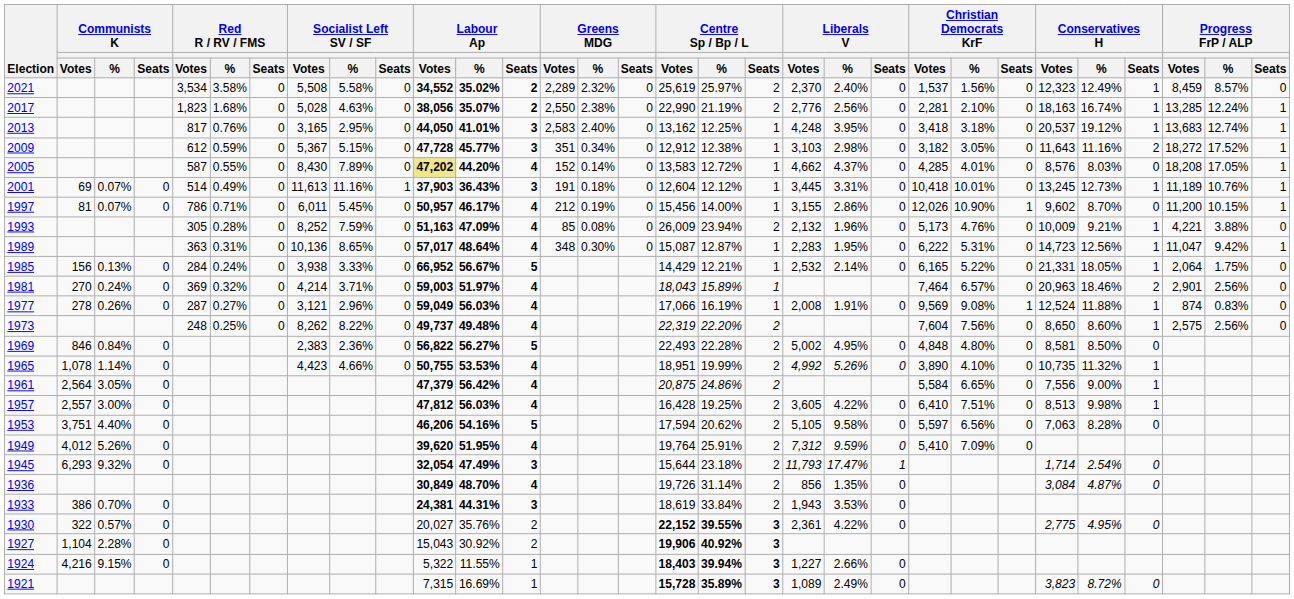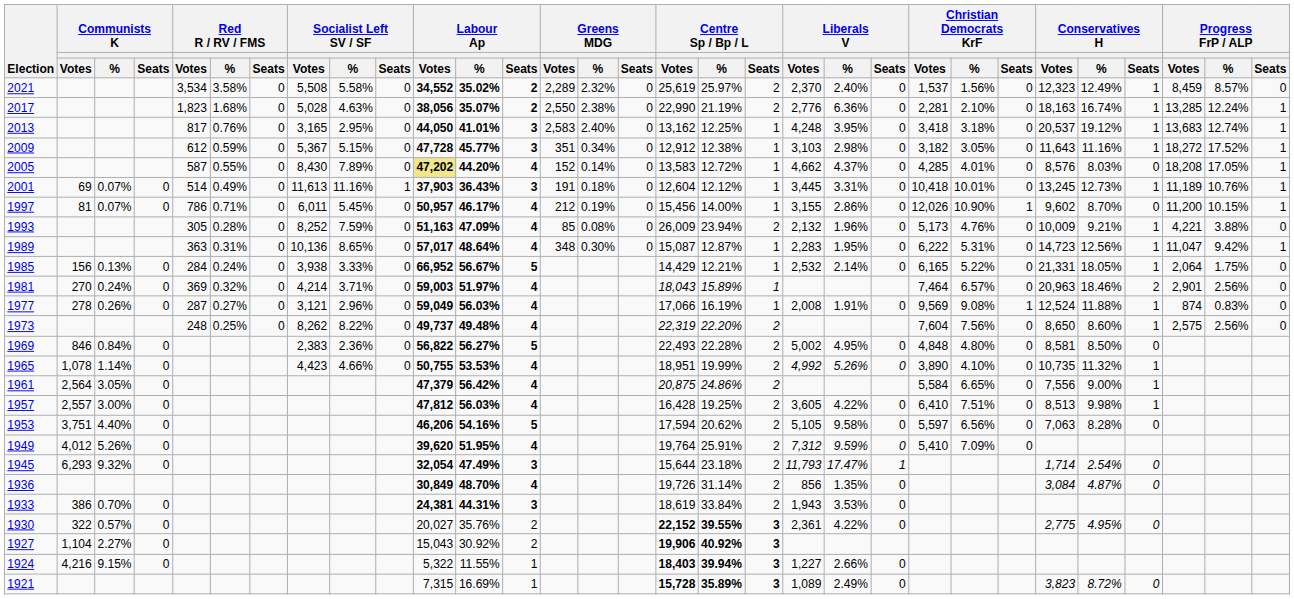 <table class="wikitable" border="1" style="font-size:80%; text-align:right;">
 <tr>
 <th style="text-align:left;" valign=bottom rowspan=3>Election</th>
 <th valign=bottom colspan=3><a href='#'>Communists</a><br>K</th>
 <th valign=bottom colspan=3><a href='#'>Red</a><br>R / RV / FMS</th>
 <th valign=bottom colspan=3><a href='#'>Socialist Left</a><br>SV / SF</th>
 <th valign=bottom colspan=3><a href='#'>Labour</a><br>Ap</th>
 <th valign=bottom colspan=3><a href='#'>Greens</a><br>MDG</th>
 <th valign=bottom colspan=3><a href='#'>Centre</a><br>Sp / Bp / L</th>
 <th valign=bottom colspan=3><a href='#'>Liberals</a><br>V</th>
 <th valign=bottom colspan=3><a href='#'>Christian<br>Democrats</a><br>KrF</th>
 <th valign=bottom colspan=3><a href='#'>Conservatives</a><br>H</th>
 <th valign=bottom colspan=3><a href='#'>Progress</a><br>FrP / ALP</th>
 </tr>
 <tr>
 <th colspan=3 style="background:"></th>
 <th colspan=3 style="background:"></th>
 <th colspan=3 style="background:"></th>
 <th colspan=3 style="background:"></th>
 <th colspan=3 style="background:"></th>
 <th colspan=3 style="background:"></th>
 <th colspan=3 style="background:"></th>
 <th colspan=3 style="background:"></th>
 <th colspan=3 style="background:"></th>
 <th colspan=3 style="background:"></th>
 </tr>
 <tr>
 <th>Votes</th>
 <th>%</th>
 <th>Seats</th>
 <th>Votes</th>
 <th>%</th>
 <th>Seats</th>
 <th>Votes</th>
 <th>%</th>
 <th>Seats</th>
 <th>Votes</th>
 <th>%</th>
 <th>Seats</th>
 <th>Votes</th>
 <th>%</th>
 <th>Seats</th>
 <th>Votes</th>
 <th>%</th>
 <th>Seats</th>
 <th>Votes</th>
 <th>%</th>
 <th>Seats</th>
 <th>Votes</th>
 <th>%</th>
 <th>Seats</th>
 <th>Votes</th>
 <th>%</th>
 <th>Seats</th>
 <th>Votes</th>
 <th>%</th>
 <th>Seats</th>
 </tr>
 <tr>
 <td align=left><a href='#'>2021</a></td>
 <td></td>
 <td></td>
 <td></td>
 <td>3,534</td>
 <td>3.58%</td>
 <td>0</td>
 <td>5,508</td>
 <td>5.58%</td>
 <td>0</td>
 <td><strong>34,552</strong></td>
 <td><strong>35.02%</strong></td>
 <td><strong>2</strong></td>
 <td>2,289</td>
 <td>2.32%</td>
 <td>0</td>
 <td>25,619</td>
 <td>25.97%</td>
 <td>2</td>
 <td>2,370</td>
 <td>2.40%</td>
 <td>0</td>
 <td>1,537</td>
 <td>1.56%</td>
 <td>0</td>
 <td>12,323</td>
 <td>12.49%</td>
 <td>1</td>
 <td>8,459</td>
 <td>8.57%</td>
 <td>0</td>
 </tr>
 <tr>
 <td align=left><a href='#'>2017</a></td>
 <td></td>
 <td></td>
 <td></td>
 <td>1,823</td>
 <td>1.68%</td>
 <td>0</td>
 <td>5,028</td>
 <td>4.63%</td>
 <td>0</td>
 <td><strong>38,056</strong></td>
 <td><strong>35.07%</strong></td>
 <td><strong>2</strong></td>
 <td>2,550</td>
 <td>2.38%</td>
 <td>0</td>
 <td>22,990</td>
 <td>21.19%</td>
 <td>2</td>
 <td>2,776</td>
-<td>2.56%</td>
+<td>6.36%</td>
 <td>0</td>
 <td>2,281</td>
 <td>2.10%</td>
 <td>0</td>
 <td>18,163</td>
 <td>16.74%</td>
 <td>1</td>
 <td>13,285</td>
 <td>12.24%</td>
 <td>1</td>
 </tr>
 <tr>
 <td align=left><a href='#'>2013</a></td>
 <td></td>
 <td></td>
 <td></td>
 <td>817</td>
 <td>0.76%</td>
 <td>0</td>
 <td>3,165</td>
 <td>2.95%</td>
 <td>0</td>
 <td><strong>44,050</strong></td>
 <td><strong>41.01%</strong></td>
 <td><strong>3</strong></td>
 <td>2,583</td>
 <td>2.40%</td>
 <td>0</td>
 <td>13,162</td>
 <td>12.25%</td>
 <td>1</td>
 <td>4,248</td>
 <td>3.95%</td>
 <td>0</td>
 <td>3,418</td>
 <td>3.18%</td>
 <td>0</td>
 <td>20,537</td>
 <td>19.12%</td>
 <td>1</td>
 <td>13,683</td>
 <td>12.74%</td>
 <td>1</td>
 </tr>
 <tr>
 <td align=left><a href='#'>2009</a></td>
 <td></td>
 <td></td>
 <td></td>
 <td>612</td>
 <td>0.59%</td>
 <td>0</td>
 <td>5,367</td>
 <td>5.15%</td>
 <td>0</td>
 <td><strong>47,728</strong></td>
 <td><strong>45.77%</strong></td>
 <td><strong>3</strong></td>
 <td>351</td>
 <td>0.34%</td>
 <td>0</td>
 <td>12,912</td>
 <td>12.38%</td>
 <td>1</td>
 <td>3,103</td>
 <td>2.98%</td>
 <td>0</td>
 <td>3,182</td>
 <td>3.05%</td>
 <td>0</td>
 <td>11,643</td>
 <td>11.16%</td>
-<td>2</td>
+<td>1</td>
 <td>18,272</td>
 <td>17.52%</td>
 <td>1</td>
 </tr>
 <tr>
 <td align=left><a href='#'>2005</a></td>
 <td></td>
 <td></td>
 <td></td>
 <td>587</td>
 <td>0.55%</td>
 <td>0</td>
 <td>8,430</td>
 <td>7.89%</td>
 <td>0</td>
 <td style="background: khaki;"><strong>47,202</strong></td>
 <td><strong>44.20%</strong></td>
 <td><strong>4</strong></td>
 <td>152</td>
 <td>0.14%</td>
 <td>0</td>
 <td>13,583</td>
 <td>12.72%</td>
 <td>1</td>
 <td>4,662</td>
 <td>4.37%</td>
 <td>0</td>
 <td>4,285</td>
 <td>4.01%</td>
 <td>0</td>
 <td>8,576</td>
 <td>8.03%</td>
 <td>0</td>
 <td>18,208</td>
 <td>17.05%</td>
 <td>1</td>
 </tr>
 <tr>
 <td align=left><a href='#'>2001</a></td>
 <td>69</td>
 <td>0.07%</td>
 <td>0</td>
 <td>514</td>
 <td>0.49%</td>
 <td>0</td>
 <td>11,613</td>
 <td>11.16%</td>
 <td>1</td>
 <td><strong>37,903</strong></td>
 <td><strong>36.43%</strong></td>
 <td><strong>3</strong></td>
 <td>191</td>
 <td>0.18%</td>
 <td>0</td>
 <td>12,604</td>
 <td>12.12%</td>
 <td>1</td>
 <td>3,445</td>
 <td>3.31%</td>
 <td>0</td>
 <td>10,418</td>
 <td>10.01%</td>
 <td>0</td>
 <td>13,245</td>
 <td>12.73%</td>
 <td>1</td>
 <td>11,189</td>
 <td>10.76%</td>
 <td>1</td>
 </tr>
 <tr>
 <td align=left><a href='#'>1997</a></td>
 <td>81</td>
 <td>0.07%</td>
 <td>0</td>
 <td>786</td>
 <td>0.71%</td>
 <td>0</td>
 <td>6,011</td>
 <td>5.45%</td>
 <td>0</td>
 <td><strong>50,957</strong></td>
 <td><strong>46.17%</strong></td>
 <td><strong>4</strong></td>
 <td>212</td>
 <td>0.19%</td>
 <td>0</td>
 <td>15,456</td>
 <td>14.00%</td>
 <td>1</td>
 <td>3,155</td>
 <td>2.86%</td>
 <td>0</td>
 <td>12,026</td>
 <td>10.90%</td>
 <td>1</td>
 <td>9,602</td>
 <td>8.70%</td>
 <td>0</td>
 <td>11,200</td>
 <td>10.15%</td>
 <td>1</td>
 </tr>
 <tr>
 <td align=left><a href='#'>1993</a></td>
 <td></td>
 <td></td>
 <td></td>
 <td>305</td>
 <td>0.28%</td>
 <td>0</td>
 <td>8,252</td>
 <td>7.59%</td>
 <td>0</td>
 <td><strong>51,163</strong></td>
 <td><strong>47.09%</strong></td>
 <td><strong>4</strong></td>
 <td>85</td>
 <td>0.08%</td>
 <td>0</td>
 <td>26,009</td>
 <td>23.94%</td>
 <td>2</td>
 <td>2,132</td>
 <td>1.96%</td>
 <td>0</td>
 <td>5,173</td>
 <td>4.76%</td>
 <td>0</td>
 <td>10,009</td>
 <td>9.21%</td>
 <td>1</td>
 <td>4,221</td>
 <td>3.88%</td>
 <td>0</td>
 </tr>
 <tr>
 <td align=left><a href='#'>1989</a></td>
 <td></td>
 <td></td>
 <td></td>
 <td>363</td>
 <td>0.31%</td>
 <td>0</td>
 <td>10,136</td>
 <td>8.65%</td>
 <td>0</td>
 <td><strong>57,017</strong></td>
 <td><strong>48.64%</strong></td>
 <td><strong>4</strong></td>
 <td>348</td>
 <td>0.30%</td>
 <td>0</td>
 <td>15,087</td>
 <td>12.87%</td>
 <td>1</td>
 <td>2,283</td>
 <td>1.95%</td>
 <td>0</td>
 <td>6,222</td>
 <td>5.31%</td>
 <td>0</td>
 <td>14,723</td>
 <td>12.56%</td>
 <td>1</td>
 <td>11,047</td>
 <td>9.42%</td>
 <td>1</td>
 </tr>
 <tr>
 <td align=left><a href='#'>1985</a></td>
 <td>156</td>
 <td>0.13%</td>
 <td>0</td>
 <td>284</td>
 <td>0.24%</td>
 <td>0</td>
 <td>3,938</td>
 <td>3.33%</td>
 <td>0</td>
 <td><strong>66,952</strong></td>
 <td><strong>56.67%</strong></td>
 <td><strong>5</strong></td>
 <td></td>
 <td></td>
 <td></td>
 <td>14,429</td>
 <td>12.21%</td>
 <td>1</td>
 <td>2,532</td>
 <td>2.14%</td>
 <td>0</td>
 <td>6,165</td>
 <td>5.22%</td>
 <td>0</td>
 <td>21,331</td>
 <td>18.05%</td>
 <td>1</td>
 <td>2,064</td>
 <td>1.75%</td>
 <td>0</td>
 </tr>
 <tr>
 <td align=left><a href='#'>1981</a></td>
 <td>270</td>
 <td>0.24%</td>
 <td>0</td>
 <td>369</td>
 <td>0.32%</td>
 <td>0</td>
 <td>4,214</td>
 <td>3.71%</td>
 <td>0</td>
 <td><strong>59,003</strong></td>
 <td><strong>51.97%</strong></td>
 <td><strong>4</strong></td>
 <td></td>
 <td></td>
 <td></td>
 <td><em>18,043</em></td>
 <td><em>15.89%</em></td>
 <td><em>1</em></td>
 <td></td>
 <td></td>
 <td></td>
 <td>7,464</td>
 <td>6.57%</td>
 <td>0</td>
 <td>20,963</td>
 <td>18.46%</td>
 <td>2</td>
 <td>2,901</td>
 <td>2.56%</td>
 <td>0</td>
 </tr>
 <tr>
 <td align=left><a href='#'>1977</a></td>
 <td>278</td>
 <td>0.26%</td>
 <td>0</td>
 <td>287</td>
 <td>0.27%</td>
 <td>0</td>
 <td>3,121</td>
 <td>2.96%</td>
 <td>0</td>
 <td><strong>59,049</strong></td>
 <td><strong>56.03%</strong></td>
 <td><strong>4</strong></td>
 <td></td>
 <td></td>
 <td></td>
 <td>17,066</td>
 <td>16.19%</td>
 <td>1</td>
 <td>2,008</td>
 <td>1.91%</td>
 <td>0</td>
 <td>9,569</td>
 <td>9.08%</td>
 <td>1</td>
 <td>12,524</td>
 <td>11.88%</td>
 <td>1</td>
 <td>874</td>
 <td>0.83%</td>
 <td>0</td>
 </tr>
 <tr>
 <td align=left><a href='#'>1973</a></td>
 <td></td>
 <td></td>
 <td></td>
 <td>248</td>
 <td>0.25%</td>
 <td>0</td>
 <td>8,262</td>
 <td>8.22%</td>
 <td>0</td>
 <td><strong>49,737</strong></td>
 <td><strong>49.48%</strong></td>
 <td><strong>4</strong></td>
 <td></td>
 <td></td>
 <td></td>
 <td><em>22,319</em></td>
 <td><em>22.20%</em></td>
 <td><em>2</em></td>
 <td></td>
 <td></td>
 <td></td>
 <td>7,604</td>
 <td>7.56%</td>
 <td>0</td>
 <td>8,650</td>
 <td>8.60%</td>
 <td>1</td>
 <td>2,575</td>
 <td>2.56%</td>
 <td>0</td>
 </tr>
 <tr>
 <td align=left><a href='#'>1969</a></td>
 <td>846</td>
 <td>0.84%</td>
 <td>0</td>
 <td></td>
 <td></td>
 <td></td>
 <td>2,383</td>
 <td>2.36%</td>
 <td>0</td>
 <td><strong>56,822</strong></td>
 <td><strong>56.27%</strong></td>
 <td><strong>5</strong></td>
 <td></td>
 <td></td>
 <td></td>
 <td>22,493</td>
 <td>22.28%</td>
 <td>2</td>
 <td>5,002</td>
 <td>4.95%</td>
 <td>0</td>
 <td>4,848</td>
 <td>4.80%</td>
 <td>0</td>
 <td>8,581</td>
 <td>8.50%</td>
 <td>0</td>
 <td></td>
 <td></td>
 <td></td>
 </tr>
 <tr>
 <td align=left><a href='#'>1965</a></td>
 <td>1,078</td>
 <td>1.14%</td>
 <td>0</td>
 <td></td>
 <td></td>
 <td></td>
 <td>4,423</td>
 <td>4.66%</td>
 <td>0</td>
 <td><strong>50,755</strong></td>
 <td><strong>53.53%</strong></td>
 <td><strong>4</strong></td>
 <td></td>
 <td></td>
 <td></td>
 <td>18,951</td>
 <td>19.99%</td>
 <td>2</td>
 <td><em>4,992</em></td>
 <td><em>5.26%</em></td>
 <td><em>0</em></td>
 <td>3,890</td>
 <td>4.10%</td>
 <td>0</td>
 <td>10,735</td>
 <td>11.32%</td>
 <td>1</td>
 <td></td>
 <td></td>
 <td></td>
 </tr>
 <tr>
 <td align=left><a href='#'>1961</a></td>
 <td>2,564</td>
 <td>3.05%</td>
 <td>0</td>
 <td></td>
 <td></td>
 <td></td>
 <td></td>
 <td></td>
 <td></td>
 <td><strong>47,379</strong></td>
 <td><strong>56.42%</strong></td>
 <td><strong>4</strong></td>
 <td></td>
 <td></td>
 <td></td>
 <td><em>20,875</em></td>
 <td><em>24.86%</em></td>
 <td><em>2</em></td>
 <td></td>
 <td></td>
 <td></td>
 <td>5,584</td>
 <td>6.65%</td>
 <td>0</td>
 <td>7,556</td>
 <td>9.00%</td>
 <td>1</td>
 <td></td>
 <td></td>
 <td></td>
 </tr>
 <tr>
 <td align=left><a href='#'>1957</a></td>
 <td>2,557</td>
 <td>3.00%</td>
 <td>0</td>
 <td></td>
 <td></td>
 <td></td>
 <td></td>
 <td></td>
 <td></td>
 <td><strong>47,812</strong></td>
 <td><strong>56.03%</strong></td>
 <td><strong>4</strong></td>
 <td></td>
 <td></td>
 <td></td>
 <td>16,428</td>
 <td>19.25%</td>
 <td>2</td>
 <td>3,605</td>
 <td>4.22%</td>
 <td>0</td>
 <td>6,410</td>
 <td>7.51%</td>
 <td>0</td>
 <td>8,513</td>
 <td>9.98%</td>
 <td>1</td>
 <td></td>
 <td></td>
 <td></td>
 </tr>
 <tr>
 <td align=left><a href='#'>1953</a></td>
 <td>3,751</td>
 <td>4.40%</td>
 <td>0</td>
 <td></td>
 <td></td>
 <td></td>
 <td></td>
 <td></td>
 <td></td>
 <td><strong>46,206</strong></td>
 <td><strong>54.16%</strong></td>
 <td><strong>5</strong></td>
 <td></td>
 <td></td>
 <td></td>
 <td>17,594</td>
 <td>20.62%</td>
 <td>2</td>
 <td>5,105</td>
 <td>9.58%</td>
 <td>0</td>
 <td>5,597</td>
 <td>6.56%</td>
 <td>0</td>
 <td>7,063</td>
 <td>8.28%</td>
 <td>0</td>
 <td></td>
 <td></td>
 <td></td>
 </tr>
 <tr>
 <td align=left><a href='#'>1949</a></td>
 <td>4,012</td>
 <td>5.26%</td>
 <td>0</td>
 <td></td>
 <td></td>
 <td></td>
 <td></td>
 <td></td>
 <td></td>
 <td><strong>39,620</strong></td>
 <td><strong>51.95%</strong></td>
 <td><strong>4</strong></td>
 <td></td>
 <td></td>
 <td></td>
 <td>19,764</td>
 <td>25.91%</td>
 <td>2</td>
 <td><em>7,312</em></td>
 <td><em>9.59%</em></td>
 <td><em>0</em></td>
 <td>5,410</td>
 <td>7.09%</td>
 <td>0</td>
 <td></td>
 <td></td>
 <td></td>
 <td></td>
 <td></td>
 <td></td>
 </tr>
 <tr>
 <td align=left><a href='#'>1945</a></td>
 <td>6,293</td>
 <td>9.32%</td>
 <td>0</td>
 <td></td>
 <td></td>
 <td></td>
 <td></td>
 <td></td>
 <td></td>
 <td><strong>32,054</strong></td>
 <td><strong>47.49%</strong></td>
 <td><strong>3</strong></td>
 <td></td>
 <td></td>
 <td></td>
 <td>15,644</td>
 <td>23.18%</td>
 <td>2</td>
 <td><em>11,793</em></td>
 <td><em>17.47%</em></td>
 <td><em>1</em></td>
 <td></td>
 <td></td>
 <td></td>
 <td><em>1,714</em></td>
 <td><em>2.54%</em></td>
 <td><em>0</em></td>
 <td></td>
 <td></td>
 <td></td>
 </tr>
 <tr>
 <td align=left><a href='#'>1936</a></td>
 <td></td>
 <td></td>
 <td></td>
 <td></td>
 <td></td>
 <td></td>
 <td></td>
 <td></td>
 <td></td>
 <td><strong>30,849</strong></td>
 <td><strong>48.70%</strong></td>
 <td><strong>4</strong></td>
 <td></td>
 <td></td>
 <td></td>
 <td>19,726</td>
 <td>31.14%</td>
 <td>2</td>
 <td>856</td>
 <td>1.35%</td>
 <td>0</td>
 <td></td>
 <td></td>
 <td></td>
 <td><em>3,084</em></td>
 <td><em>4.87%</em></td>
 <td><em>0</em></td>
 <td></td>
 <td></td>
 <td></td>
 </tr>
 <tr>
 <td align=left><a href='#'>1933</a></td>
 <td>386</td>
 <td>0.70%</td>
 <td>0</td>
 <td></td>
 <td></td>
 <td></td>
 <td></td>
 <td></td>
 <td></td>
 <td><strong>24,381</strong></td>
 <td><strong>44.31%</strong></td>
 <td><strong>3</strong></td>
 <td></td>
 <td></td>
 <td></td>
 <td>18,619</td>
 <td>33.84%</td>
 <td>2</td>
 <td>1,943</td>
 <td>3.53%</td>
 <td>0</td>
 <td></td>
 <td></td>
 <td></td>
 <td></td>
 <td></td>
 <td></td>
 <td></td>
 <td></td>
 <td></td>
 </tr>
 <tr>
 <td align=left><a href='#'>1930</a></td>
 <td>322</td>
 <td>0.57%</td>
 <td>0</td>
 <td></td>
 <td></td>
 <td></td>
 <td></td>
 <td></td>
 <td></td>
 <td>20,027</td>
 <td>35.76%</td>
 <td>2</td>
 <td></td>
 <td></td>
 <td></td>
 <td><strong>22,152</strong></td>
 <td><strong>39.55%</strong></td>
 <td><strong>3</strong></td>
 <td>2,361</td>
 <td>4.22%</td>
 <td>0</td>
 <td></td>
 <td></td>
 <td></td>
 <td><em>2,775</em></td>
 <td><em>4.95%</em></td>
 <td><em>0</em></td>
 <td></td>
 <td></td>
 <td></td>
 </tr>
 <tr>
 <td align=left><a href='#'>1927</a></td>
 <td>1,104</td>
-<td>2.28%</td>
+<td>2.27%</td>
 <td>0</td>
 <td></td>
 <td></td>
 <td></td>
 <td></td>
 <td></td>
 <td></td>
 <td>15,043</td>
 <td>30.92%</td>
 <td>2</td>
 <td></td>
 <td></td>
 <td></td>
 <td><strong>19,906</strong></td>
 <td><strong>40.92%</strong></td>
 <td><strong>3</strong></td>
 <td></td>
 <td></td>
 <td></td>
 <td></td>
 <td></td>
 <td></td>
 <td></td>
 <td></td>
 <td></td>
 <td></td>
 <td></td>
 <td></td>
 </tr>
 <tr>
 <td align=left><a href='#'>1924</a></td>
 <td>4,216</td>
 <td>9.15%</td>
 <td>0</td>
 <td></td>
 <td></td>
 <td></td>
 <td></td>
 <td></td>
 <td></td>
 <td>5,322</td>
 <td>11.55%</td>
 <td>1</td>
 <td></td>
 <td></td>
 <td></td>
 <td><strong>18,403</strong></td>
 <td><strong>39.94%</strong></td>
 <td><strong>3</strong></td>
 <td>1,227</td>
 <td>2.66%</td>
 <td>0</td>
 <td></td>
 <td></td>
 <td></td>
 <td></td>
 <td></td>
 <td></td>
 <td></td>
 <td></td>
 <td></td>
 </tr>
 <tr>
 <td align=left><a href='#'>1921</a></td>
 <td></td>
 <td></td>
 <td></td>
 <td></td>
 <td></td>
 <td></td>
 <td></td>
 <td></td>
 <td></td>
 <td>7,315</td>
 <td>16.69%</td>
 <td>1</td>
 <td></td>
 <td></td>
 <td></td>
 <td><strong>15,728</strong></td>
 <td><strong>35.89%</strong></td>
 <td><strong>3</strong></td>
 <td>1,089</td>
 <td>2.49%</td>
 <td>0</td>
 <td></td>
 <td></td>
 <td></td>
 <td><em>3,823</em></td>
 <td><em>8.72%</em></td>
 <td><em>0</em></td>
 <td></td>
 <td></td>
 <td></td>
 </tr>
 </table>
